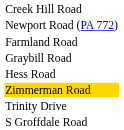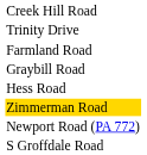 <table>
 <tr>
 <td>Creek Hill Road</td>
 </tr>
 <tr>
-<td>Newport Road (<a href='#'>PA 772</a>)</td>
+<td>Trinity Drive</td>
 </tr>
 <tr>
 <td>Farmland Road</td>
 </tr>
 <tr>
 <td>Graybill Road</td>
 </tr>
 <tr>
 <td>Hess Road</td>
 </tr>
 <tr>
 <td style="background: gold;">Zimmerman Road</td>
 </tr>
 <tr>
-<td>Trinity Drive</td>
+<td>Newport Road (<a href='#'>PA 772</a>)</td>
 </tr>
 <tr>
 <td>S Groffdale Road</td>
 </tr>
 </table>
